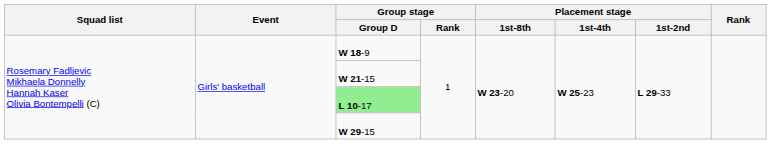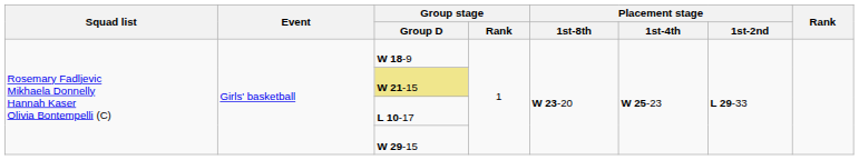 <table class="wikitable"  style="width:90%; text-align:left; font-size:90%;">
 <tr>
 <th rowspan="2">Squad list</th>
 <th rowspan="2">Event</th>
 <th colspan="2">Group stage</th>
 <th colspan="3">Placement stage</th>
 <th rowspan="2">Rank</th>
 </tr>
 <tr>
 <th>Group D</th>
 <th>Rank</th>
 <th>1st-8th</th>
 <th>1st-4th</th>
 <th>1st-2nd</th>
 </tr>
 <tr>
 <td rowspan="4"><a href='#'>Rosemary Fadljevic</a><br><a href='#'>Mikhaela Donnelly</a><br><a href='#'>Hannah Kaser</a><br><a href='#'>Olivia Bontempelli</a> (C)</td>
 <td rowspan="4"><a href='#'>Girls' basketball</a></td>
 <td><br> <strong>W</strong> <strong>18</strong>-9</td>
 <td rowspan="4" style="text-align:center;">1</td>
 <td rowspan="4"> <br> <strong>W</strong> <strong>23</strong>-20</td>
 <td rowspan="4"> <br> <strong>W</strong> <strong>25</strong>-23</td>
 <td rowspan="4"> <br> <strong>L</strong> <strong>29</strong>-33</td>
 <td rowspan="4" style="text-align:center;"></td>
 </tr>
 <tr>
-<td><br> <strong>W</strong> <strong>21</strong>-15</td>
+<td style="background: khaki;"><br> <strong>W</strong> <strong>21</strong>-15</td>
 </tr>
 <tr>
-<td style="background: lightgreen;"><br> <strong>L</strong> <strong>10</strong>-17</td>
+<td><br> <strong>L</strong> <strong>10</strong>-17</td>
 </tr>
 <tr>
 <td><br> <strong>W</strong> <strong>29</strong>-15</td>
 </tr>
 </table>
